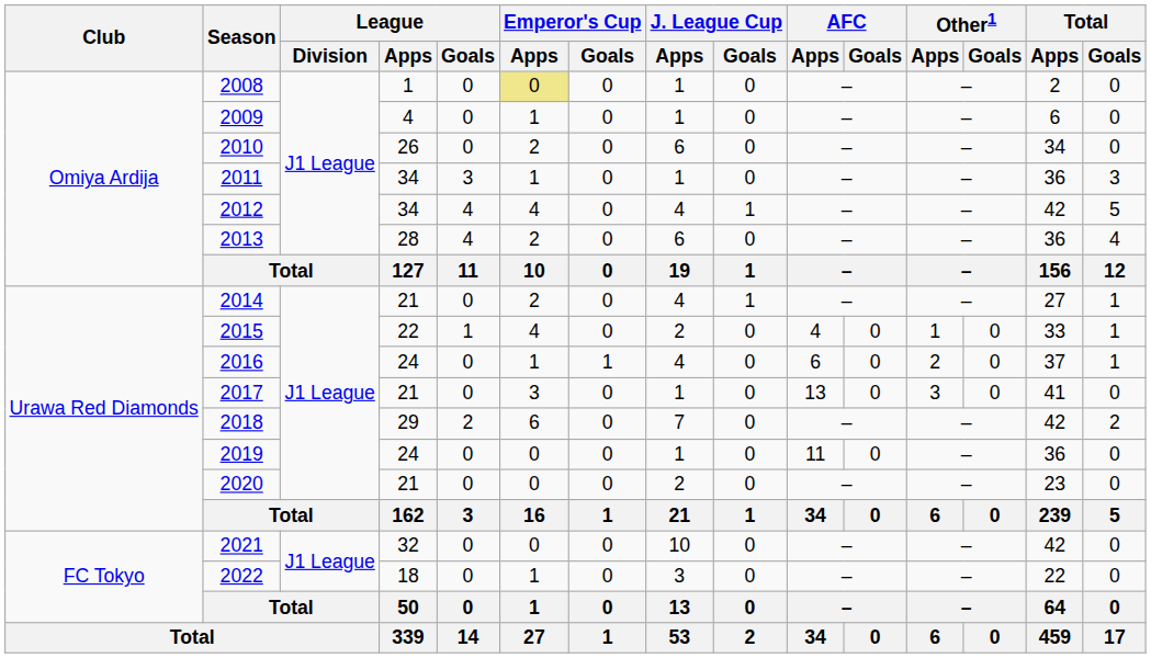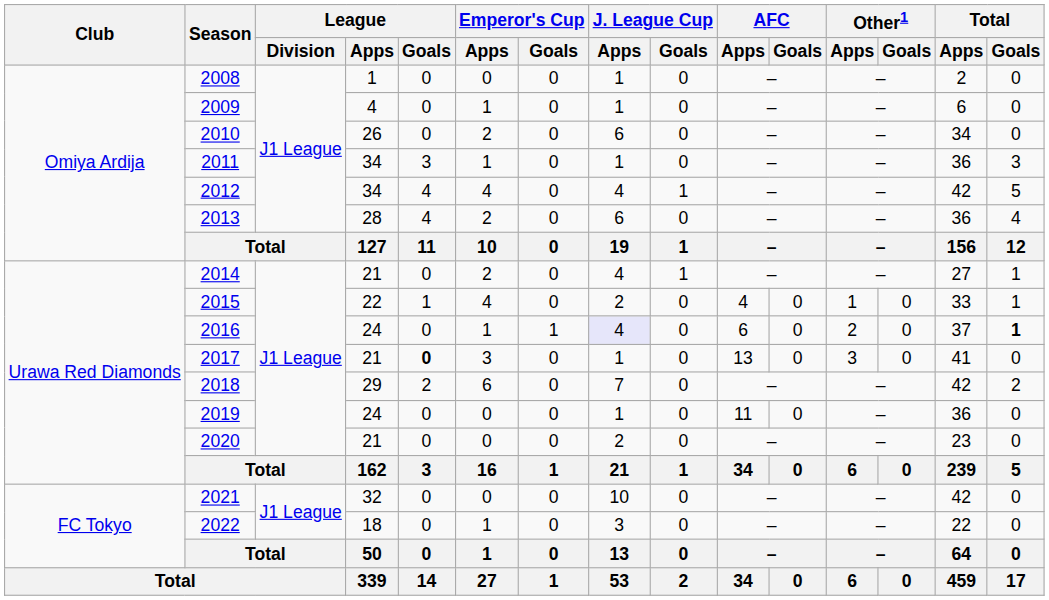 <table class="wikitable" style="text-align:center;">
 <tr>
 <th rowspan="2">Club</th>
 <th rowspan="2">Season</th>
 <th colspan="3">League</th>
 <th colspan="2"><a href='#'>Emperor's Cup</a></th>
 <th colspan="2"><a href='#'>J. League Cup</a></th>
 <th colspan="2"><a href='#'>AFC</a></th>
 <th colspan="2">Other<sup><a href='#'>1</a></sup></th>
 <th colspan="2">Total</th>
 </tr>
 <tr>
 <th>Division</th>
 <th>Apps</th>
 <th>Goals</th>
 <th>Apps</th>
 <th>Goals</th>
 <th>Apps</th>
 <th>Goals</th>
 <th>Apps</th>
 <th>Goals</th>
 <th>Apps</th>
 <th>Goals</th>
 <th>Apps</th>
 <th>Goals</th>
 </tr>
 <tr>
 <td rowspan="7"><a href='#'>Omiya Ardija</a></td>
 <td><a href='#'>2008</a></td>
 <td rowspan="6"><a href='#'>J1 League</a></td>
 <td>1</td>
 <td>0</td>
-<td style="background: khaki;">0</td>
+<td>0</td>
 <td>0</td>
 <td>1</td>
 <td>0</td>
 <td colspan="2">–</td>
 <td colspan="2">–</td>
 <td>2</td>
 <td>0</td>
 </tr>
 <tr>
 <td><a href='#'>2009</a></td>
 <td>4</td>
 <td>0</td>
 <td>1</td>
 <td>0</td>
 <td>1</td>
 <td>0</td>
 <td colspan="2">–</td>
 <td colspan="2">–</td>
 <td>6</td>
 <td>0</td>
 </tr>
 <tr>
 <td><a href='#'>2010</a></td>
 <td>26</td>
 <td>0</td>
 <td>2</td>
 <td>0</td>
 <td>6</td>
 <td>0</td>
 <td colspan="2">–</td>
 <td colspan="2">–</td>
 <td>34</td>
 <td>0</td>
 </tr>
 <tr>
 <td><a href='#'>2011</a></td>
 <td>34</td>
 <td>3</td>
 <td>1</td>
 <td>0</td>
 <td>1</td>
 <td>0</td>
 <td colspan="2">–</td>
 <td colspan="2">–</td>
 <td>36</td>
 <td>3</td>
 </tr>
 <tr>
 <td><a href='#'>2012</a></td>
 <td>34</td>
 <td>4</td>
 <td>4</td>
 <td>0</td>
 <td>4</td>
 <td>1</td>
 <td colspan="2">–</td>
 <td colspan="2">–</td>
 <td>42</td>
 <td>5</td>
 </tr>
 <tr>
 <td><a href='#'>2013</a></td>
 <td>28</td>
 <td>4</td>
 <td>2</td>
 <td>0</td>
 <td>6</td>
 <td>0</td>
 <td colspan="2">–</td>
 <td colspan="2">–</td>
 <td>36</td>
 <td>4</td>
 </tr>
 <tr>
 <th colspan="2">Total</th>
 <th>127</th>
 <th>11</th>
 <th>10</th>
 <th>0</th>
 <th>19</th>
 <th>1</th>
 <th colspan="2">–</th>
 <th colspan="2">–</th>
 <th>156</th>
 <th>12</th>
 </tr>
 <tr>
 <td rowspan="8"><a href='#'>Urawa Red Diamonds</a></td>
 <td><a href='#'>2014</a></td>
 <td rowspan="7"><a href='#'>J1 League</a></td>
 <td>21</td>
 <td>0</td>
 <td>2</td>
 <td>0</td>
 <td>4</td>
 <td>1</td>
 <td colspan="2">–</td>
 <td colspan="2">–</td>
 <td>27</td>
 <td>1</td>
 </tr>
 <tr>
 <td><a href='#'>2015</a></td>
 <td>22</td>
 <td>1</td>
 <td>4</td>
 <td>0</td>
 <td>2</td>
 <td>0</td>
 <td>4</td>
 <td>0</td>
 <td>1</td>
 <td>0</td>
 <td>33</td>
 <td>1</td>
 </tr>
 <tr>
 <td><a href='#'>2016</a></td>
 <td>24</td>
 <td>0</td>
 <td>1</td>
 <td>1</td>
-<td>4</td>
+<td style="background: lavender;">4</td>
 <td>0</td>
 <td>6</td>
 <td>0</td>
 <td>2</td>
 <td>0</td>
 <td>37</td>
-<td>1</td>
+<td><strong>1</strong></td>
 </tr>
 <tr>
 <td><a href='#'>2017</a></td>
 <td>21</td>
-<td>0</td>
+<td><strong>0</strong></td>
 <td>3</td>
 <td>0</td>
 <td>1</td>
 <td>0</td>
 <td>13</td>
 <td>0</td>
 <td>3</td>
 <td>0</td>
 <td>41</td>
 <td>0</td>
 </tr>
 <tr>
 <td><a href='#'>2018</a></td>
 <td>29</td>
 <td>2</td>
 <td>6</td>
 <td>0</td>
 <td>7</td>
 <td>0</td>
 <td colspan="2">–</td>
 <td colspan="2">–</td>
 <td>42</td>
 <td>2</td>
 </tr>
 <tr>
 <td><a href='#'>2019</a></td>
 <td>24</td>
 <td>0</td>
 <td>0</td>
 <td>0</td>
 <td>1</td>
 <td>0</td>
 <td>11</td>
 <td>0</td>
 <td colspan="2">–</td>
 <td>36</td>
 <td>0</td>
 </tr>
 <tr>
 <td><a href='#'>2020</a></td>
 <td>21</td>
 <td>0</td>
 <td>0</td>
 <td>0</td>
 <td>2</td>
 <td>0</td>
 <td colspan="2">–</td>
 <td colspan="2">–</td>
 <td>23</td>
 <td>0</td>
 </tr>
 <tr>
 <th colspan="2">Total</th>
 <th>162</th>
 <th>3</th>
 <th>16</th>
 <th>1</th>
 <th>21</th>
 <th>1</th>
 <th>34</th>
 <th>0</th>
 <th>6</th>
 <th>0</th>
 <th>239</th>
 <th>5</th>
 </tr>
 <tr>
 <td rowspan="3"><a href='#'>FC Tokyo</a></td>
 <td><a href='#'>2021</a></td>
 <td rowspan="2"><a href='#'>J1 League</a></td>
 <td>32</td>
 <td>0</td>
 <td>0</td>
 <td>0</td>
 <td>10</td>
 <td>0</td>
 <td colspan="2">–</td>
 <td colspan="2">–</td>
 <td>42</td>
 <td>0</td>
 </tr>
 <tr>
 <td><a href='#'>2022</a></td>
 <td>18</td>
 <td>0</td>
 <td>1</td>
 <td>0</td>
 <td>3</td>
 <td>0</td>
 <td colspan="2">–</td>
 <td colspan="2">–</td>
 <td>22</td>
 <td>0</td>
 </tr>
 <tr>
 <th colspan="2">Total</th>
 <th>50</th>
 <th>0</th>
 <th>1</th>
 <th>0</th>
 <th>13</th>
 <th>0</th>
 <th colspan="2">–</th>
 <th colspan="2">–</th>
 <th>64</th>
 <th>0</th>
 </tr>
 <tr>
 <th colspan="3">Total</th>
 <th>339</th>
 <th>14</th>
 <th>27</th>
 <th>1</th>
 <th>53</th>
 <th>2</th>
 <th>34</th>
 <th>0</th>
 <th>6</th>
 <th>0</th>
 <th>459</th>
 <th>17</th>
 </tr>
 </table>
